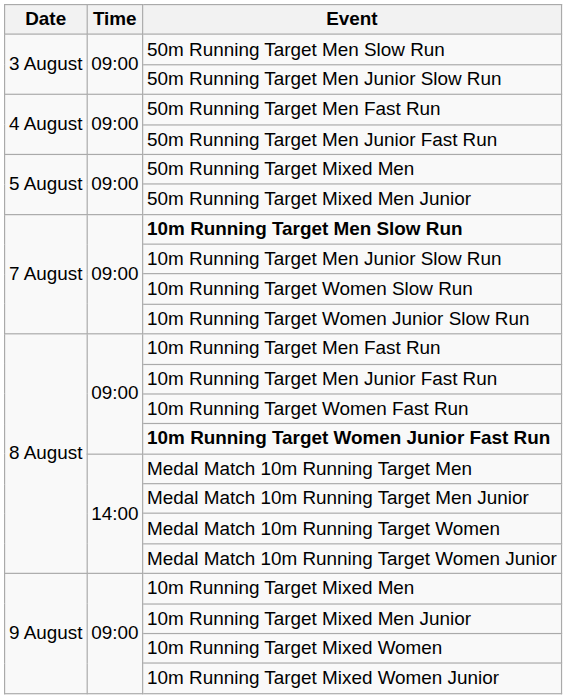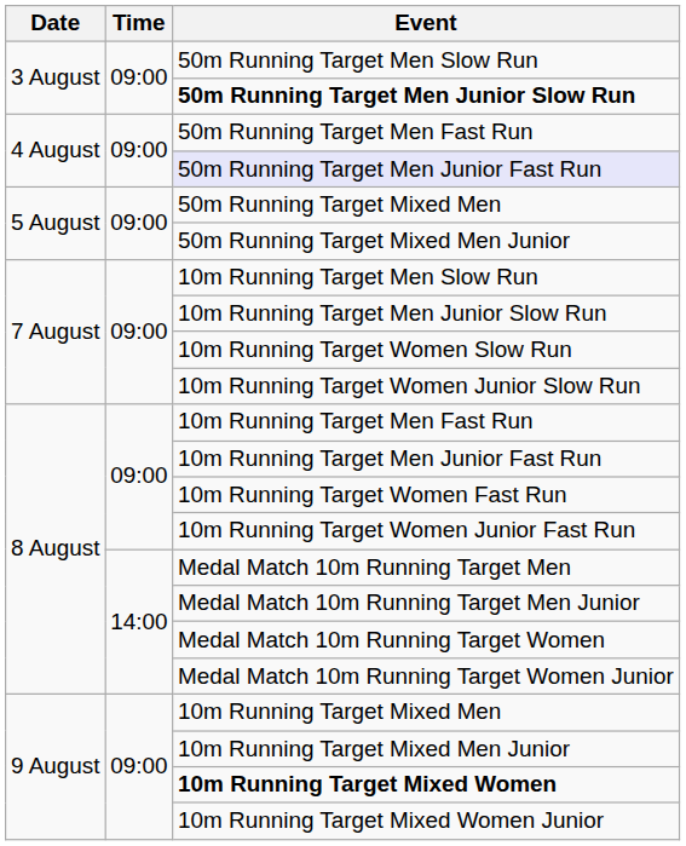 <table class=wikitable>
 <tr>
 <th>Date</th>
 <th>Time</th>
 <th>Event</th>
 </tr>
 <tr>
 <td rowspan=2>3 August</td>
 <td align=center rowspan=2>09:00</td>
 <td>50m Running Target Men Slow Run</td>
 </tr>
 <tr>
-<td>50m Running Target Men Junior Slow Run</td>
+<td><strong>50m Running Target Men Junior Slow Run</strong></td>
 </tr>
 <tr>
 <td rowspan=2>4 August</td>
 <td align=center rowspan=2>09:00</td>
 <td>50m Running Target Men Fast Run</td>
 </tr>
 <tr>
-<td>50m Running Target Men Junior Fast Run</td>
+<td style="background: lavender;">50m Running Target Men Junior Fast Run</td>
 </tr>
 <tr>
 <td rowspan=2>5 August</td>
 <td align=center rowspan=2>09:00</td>
 <td>50m Running Target Mixed Men</td>
 </tr>
 <tr>
 <td>50m Running Target Mixed Men Junior</td>
 </tr>
 <tr>
 <td rowspan=4>7 August</td>
 <td align=center rowspan=4>09:00</td>
-<td><strong>10m Running Target Men Slow Run</strong></td>
+<td>10m Running Target Men Slow Run</td>
 </tr>
 <tr>
 <td>10m Running Target Men Junior Slow Run</td>
 </tr>
 <tr>
 <td>10m Running Target Women Slow Run</td>
 </tr>
 <tr>
 <td>10m Running Target Women Junior Slow Run</td>
 </tr>
 <tr>
 <td rowspan=8>8 August</td>
 <td align=center rowspan=4>09:00</td>
 <td>10m Running Target Men Fast Run</td>
 </tr>
 <tr>
 <td>10m Running Target Men Junior Fast Run</td>
 </tr>
 <tr>
 <td>10m Running Target Women Fast Run</td>
 </tr>
 <tr>
-<td><strong>10m Running Target Women Junior Fast Run</strong></td>
+<td>10m Running Target Women Junior Fast Run</td>
 </tr>
 <tr>
 <td align=center rowspan=4>14:00</td>
 <td>Medal Match 10m Running Target Men</td>
 </tr>
 <tr>
 <td>Medal Match 10m Running Target Men Junior</td>
 </tr>
 <tr>
 <td>Medal Match 10m Running Target Women</td>
 </tr>
 <tr>
 <td>Medal Match 10m Running Target Women Junior</td>
 </tr>
 <tr>
 <td rowspan=4>9 August</td>
 <td align=center rowspan=4>09:00</td>
 <td>10m Running Target Mixed Men</td>
 </tr>
 <tr>
 <td>10m Running Target Mixed Men Junior</td>
 </tr>
 <tr>
-<td>10m Running Target Mixed Women</td>
+<td><strong>10m Running Target Mixed Women</strong></td>
 </tr>
 <tr>
 <td>10m Running Target Mixed Women Junior</td>
 </tr>
 </table>
